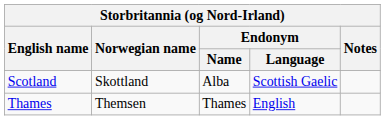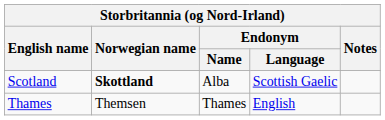 <table class="wikitable sortable">
 <tr>
 <th colspan="5"> Storbritannia (og Nord-Irland)</th>
 </tr>
 <tr>
 <th rowspan="2">English name</th>
 <th rowspan="2">Norwegian name</th>
 <th colspan="2">Endonym</th>
 <th rowspan="2">Notes</th>
 </tr>
 <tr>
 <th>Name</th>
 <th>Language</th>
 </tr>
 <tr>
 <td><a href='#'>Scotland</a></td>
-<td>Skottland</td>
+<td><strong>Skottland</strong></td>
 <td>Alba</td>
 <td><a href='#'>Scottish Gaelic</a></td>
 <td></td>
 </tr>
 <tr>
 <td><a href='#'>Thames</a></td>
 <td>Themsen</td>
 <td>Thames</td>
 <td><a href='#'>English</a></td>
 <td></td>
 </tr>
 </table>
